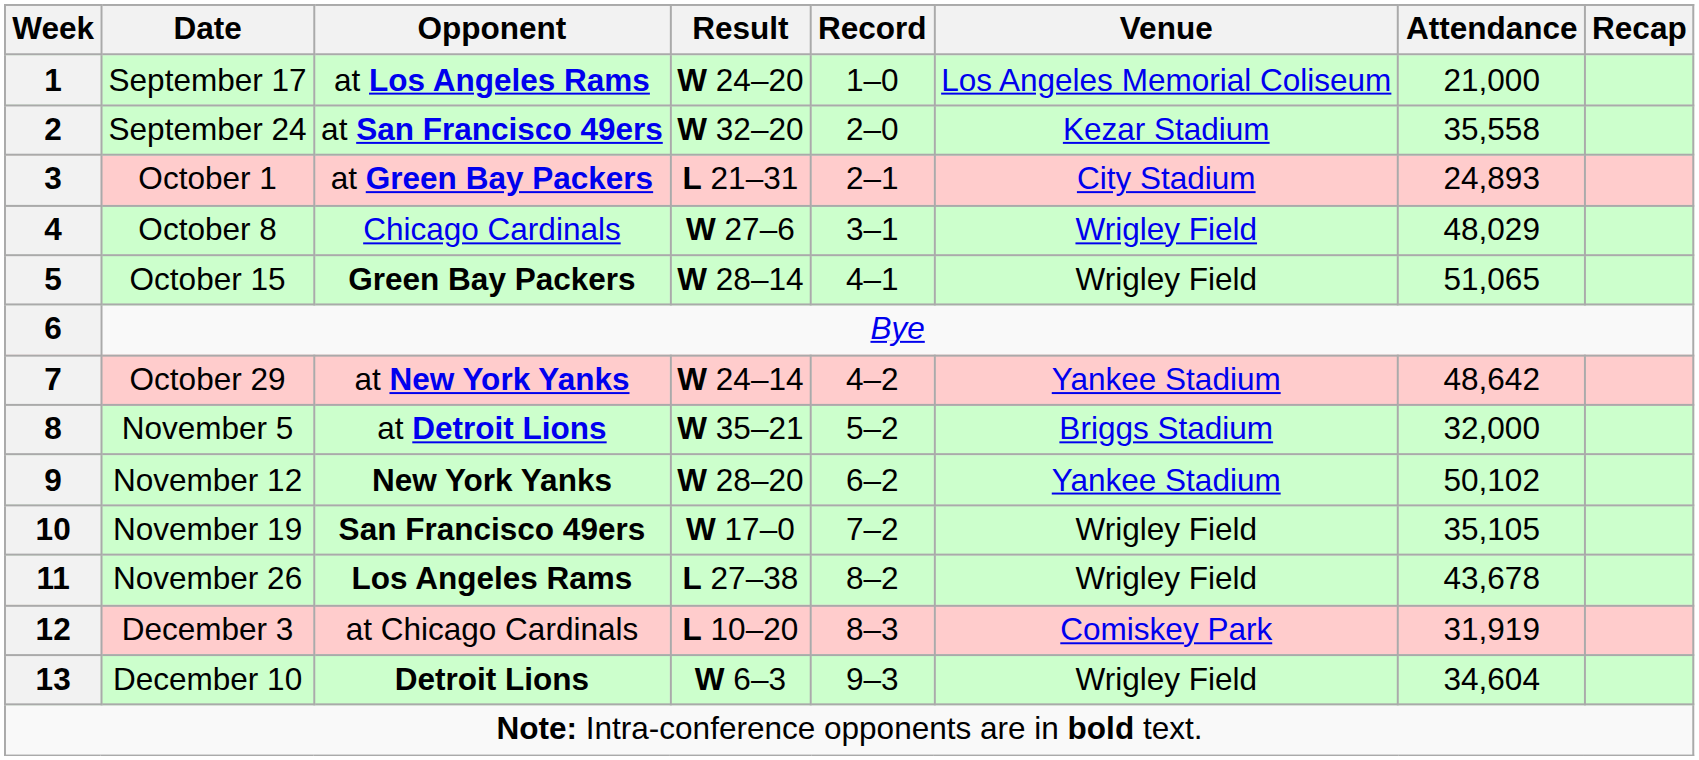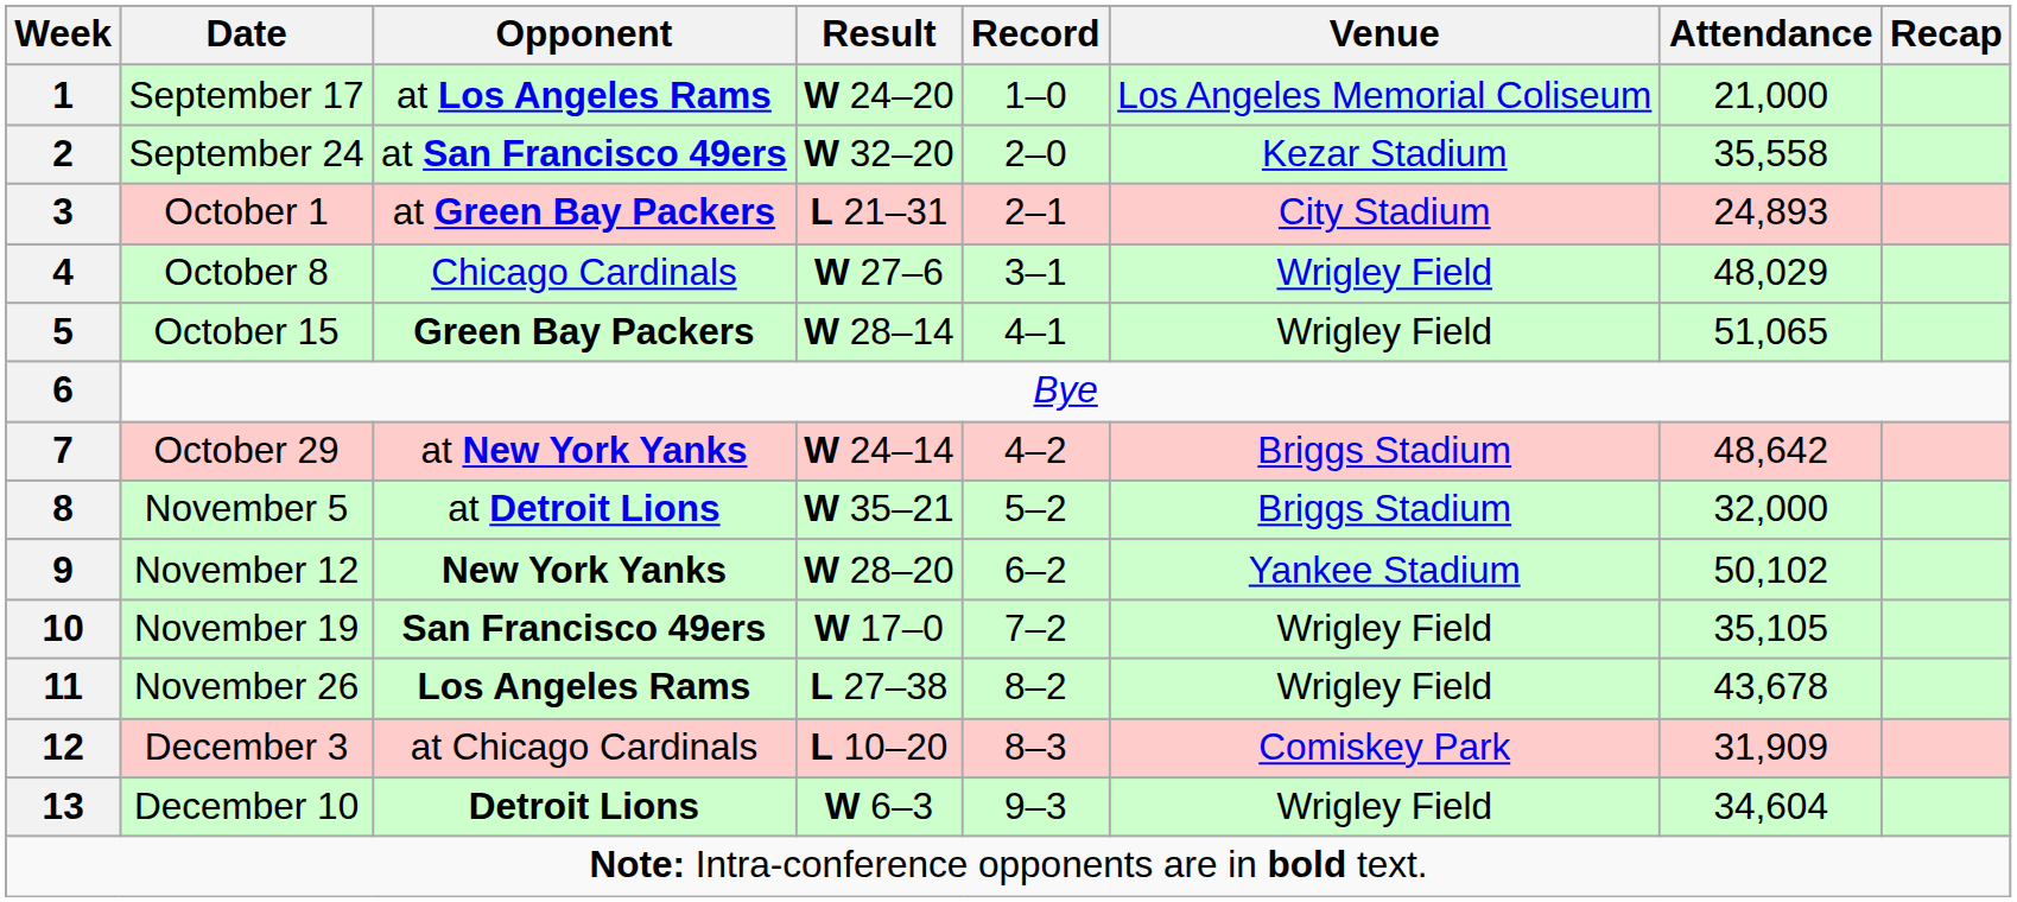 <table class="wikitable" style="text-align:center">
 <tr>
 <th>Week</th>
 <th>Date</th>
 <th>Opponent</th>
 <th>Result</th>
 <th>Record</th>
 <th>Venue</th>
 <th>Attendance</th>
 <th>Recap</th>
 </tr>
 <tr style="background:#cfc">
 <th>1</th>
 <td>September 17</td>
 <td>at <strong><a href='#'>Los Angeles Rams</a></strong></td>
 <td><strong>W</strong> 24–20</td>
 <td>1–0</td>
 <td><a href='#'>Los Angeles Memorial Coliseum</a></td>
 <td>21,000</td>
 <td></td>
 </tr>
 <tr style="background:#cfc">
 <th>2</th>
 <td>September 24</td>
 <td>at <strong><a href='#'>San Francisco 49ers</a></strong></td>
 <td><strong>W</strong> 32–20</td>
 <td>2–0</td>
 <td><a href='#'>Kezar Stadium</a></td>
 <td>35,558</td>
 <td></td>
 </tr>
 <tr style="background:#fcc">
 <th>3</th>
 <td>October 1</td>
 <td>at <strong><a href='#'>Green Bay Packers</a></strong></td>
 <td><strong>L</strong> 21–31</td>
 <td>2–1</td>
 <td><a href='#'>City Stadium</a></td>
 <td>24,893</td>
 <td></td>
 </tr>
 <tr style="background:#cfc">
 <th>4</th>
 <td>October 8</td>
 <td><a href='#'>Chicago Cardinals</a></td>
 <td><strong>W</strong> 27–6</td>
 <td>3–1</td>
 <td><a href='#'>Wrigley Field</a></td>
 <td>48,029</td>
 <td></td>
 </tr>
 <tr style="background:#cfc">
 <th>5</th>
 <td>October 15</td>
 <td><strong>Green Bay Packers</strong></td>
 <td><strong>W</strong> 28–14</td>
 <td>4–1</td>
 <td>Wrigley Field</td>
 <td>51,065</td>
 <td></td>
 </tr>
 <tr style="background:">
 <th>6</th>
 <td colspan="7"><em><a href='#'>Bye</a></em></td>
 </tr>
 <tr style="background:#fcc">
 <th>7</th>
 <td>October 29</td>
 <td>at <strong><a href='#'>New York Yanks</a></strong></td>
 <td><strong>W</strong> 24–14</td>
 <td>4–2</td>
-<td><a href='#'>Yankee Stadium</a></td>
+<td><a href='#'>Briggs Stadium</a></td>
 <td>48,642</td>
 <td></td>
 </tr>
 <tr style="background:#cfc">
 <th>8</th>
 <td>November 5</td>
 <td>at <strong><a href='#'>Detroit Lions</a></strong></td>
 <td><strong>W</strong> 35–21</td>
 <td>5–2</td>
 <td><a href='#'>Briggs Stadium</a></td>
 <td>32,000</td>
 <td></td>
 </tr>
 <tr style="background:#cfc">
 <th>9</th>
 <td>November 12</td>
 <td><strong>New York Yanks</strong></td>
 <td><strong>W</strong> 28–20</td>
 <td>6–2</td>
 <td><a href='#'>Yankee Stadium</a></td>
 <td>50,102</td>
 <td></td>
 </tr>
 <tr style="background:#cfc">
 <th>10</th>
 <td>November 19</td>
 <td><strong>San Francisco 49ers</strong></td>
 <td><strong>W</strong> 17–0</td>
 <td>7–2</td>
 <td>Wrigley Field</td>
 <td>35,105</td>
 <td></td>
 </tr>
 <tr style="background:#cfc">
 <th>11</th>
 <td>November 26</td>
 <td><strong>Los Angeles Rams</strong></td>
 <td><strong>L</strong> 27–38</td>
 <td>8–2</td>
 <td>Wrigley Field</td>
 <td>43,678</td>
 <td></td>
 </tr>
 <tr style="background:#fcc">
 <th>12</th>
 <td>December 3</td>
 <td>at Chicago Cardinals</td>
 <td><strong>L</strong> 10–20</td>
 <td>8–3</td>
 <td><a href='#'>Comiskey Park</a></td>
-<td>31,919</td>
+<td>31,909</td>
 <td></td>
 </tr>
 <tr style="background:#cfc">
 <th>13</th>
 <td>December 10</td>
 <td><strong>Detroit Lions</strong></td>
 <td><strong>W</strong> 6–3</td>
 <td>9–3</td>
 <td>Wrigley Field</td>
 <td>34,604</td>
 <td></td>
 </tr>
 <tr>
 <td colspan="8"><strong>Note:</strong> Intra-conference opponents are in <strong>bold</strong> text.</td>
 </tr>
 </table>
